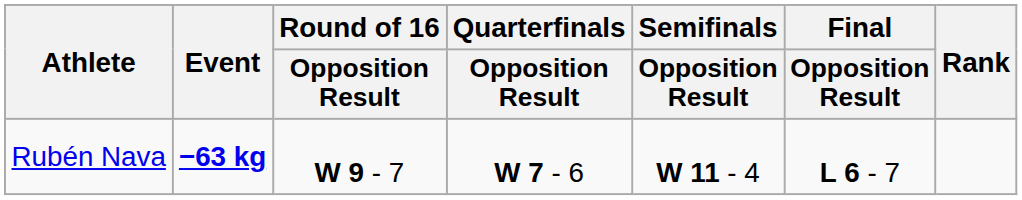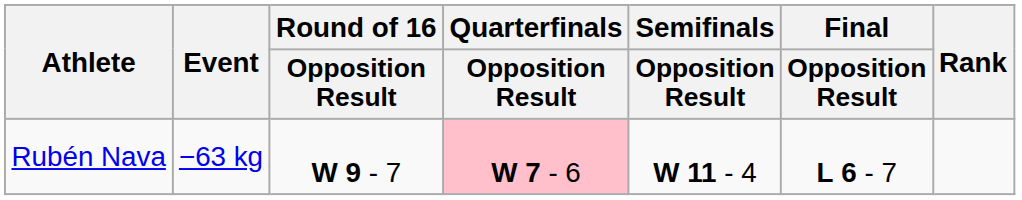 <table class="wikitable" style="font-size:90%;">
 <tr>
 <th rowspan=2>Athlete</th>
 <th rowspan=2>Event</th>
 <th>Round of 16</th>
 <th>Quarterfinals</th>
 <th>Semifinals</th>
 <th>Final</th>
 <th rowspan=2>Rank</th>
 </tr>
 <tr style="font-size:95%">
 <th>Opposition<br>Result</th>
 <th>Opposition<br>Result</th>
 <th>Opposition<br>Result</th>
 <th>Opposition<br>Result</th>
 </tr>
 <tr align=center>
 <td align=left><a href='#'>Rubén Nava</a></td>
-<td align=left><strong><a href='#'>−63 kg</a></strong></td>
+<td align=left><a href='#'>−63 kg</a></td>
 <td><br><strong>W</strong> <strong>9</strong> - 7</td>
-<td><br><strong>W</strong> <strong>7</strong> - 6</td>
+<td style="background: pink;"><br><strong>W</strong> <strong>7</strong> - 6</td>
 <td><br><strong>W</strong> <strong>11</strong> - 4</td>
 <td><br><strong>L</strong> <strong>6</strong> - 7</td>
 <td></td>
 </tr>
 </table>
